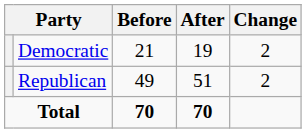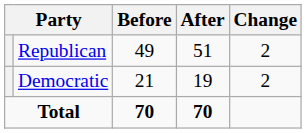 <table class="wikitable" style="text-align:center;">
 <tr>
 <th colspan="2">Party</th>
 <th>Before</th>
 <th>After</th>
 <th>Change</th>
 </tr>
 <tr>
 <th style="background-color:"></th>
-<td style="text-align:left;"><a href='#'>Democratic</a></td>
-<td>21</td>
-<td>19</td>
+<td style="text-align:left;"><a href='#'>Republican</a></td>
+<td>49</td>
+<td>51</td>
 <td> 2</td>
 </tr>
 <tr>
 <th style="background-color:"></th>
-<td style="text-align:left;"><a href='#'>Republican</a></td>
-<td>49</td>
-<td>51</td>
+<td style="text-align:left;"><a href='#'>Democratic</a></td>
+<td>21</td>
+<td>19</td>
 <td> 2</td>
 </tr>
 <tr>
 <td colspan="2"><strong>Total</strong></td>
 <td><strong>70</strong></td>
 <td><strong>70</strong></td>
 <td></td>
 </tr>
 </table>
